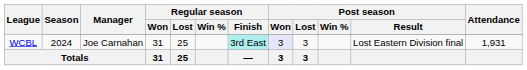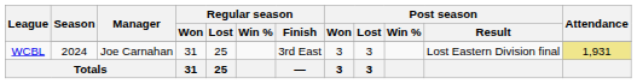 <table class="wikitable" style="font-size: 95%; text-align:center;">
 <tr>
 <th rowspan=2>League</th>
 <th rowspan="2">Season</th>
 <th rowspan="2">Manager</th>
 <th colspan="4">Regular season</th>
 <th colspan="4">Post season</th>
 <th rowspan="2">Attendance</th>
 </tr>
 <tr>
 <th>Won</th>
 <th>Lost</th>
 <th>Win %</th>
 <th>Finish</th>
 <th>Won</th>
 <th>Lost</th>
 <th>Win %</th>
 <th>Result</th>
 </tr>
 <tr>
 <td rowspan="2"><a href='#'>WCBL</a></td>
 </tr>
 <tr>
 <td>2024</td>
 <td>Joe Carnahan</td>
 <td>31</td>
 <td>25</td>
 <td></td>
-<td style="background: paleturquoise;">3rd East</td>
-<td style="background: lavender;">3</td>
+<td>3rd East</td>
+<td>3</td>
 <td>3</td>
 <td></td>
 <td>Lost Eastern Division final</td>
-<td>1,931</td>
+<td style="background: khaki;">1,931</td>
 </tr>
 <tr>
 <th colspan="3">Totals</th>
 <th>31</th>
 <th>25</th>
 <th></th>
 <th>—</th>
 <th>3</th>
 <th>3</th>
 <th></th>
 <th></th>
 <th></th>
 </tr>
 </table>
